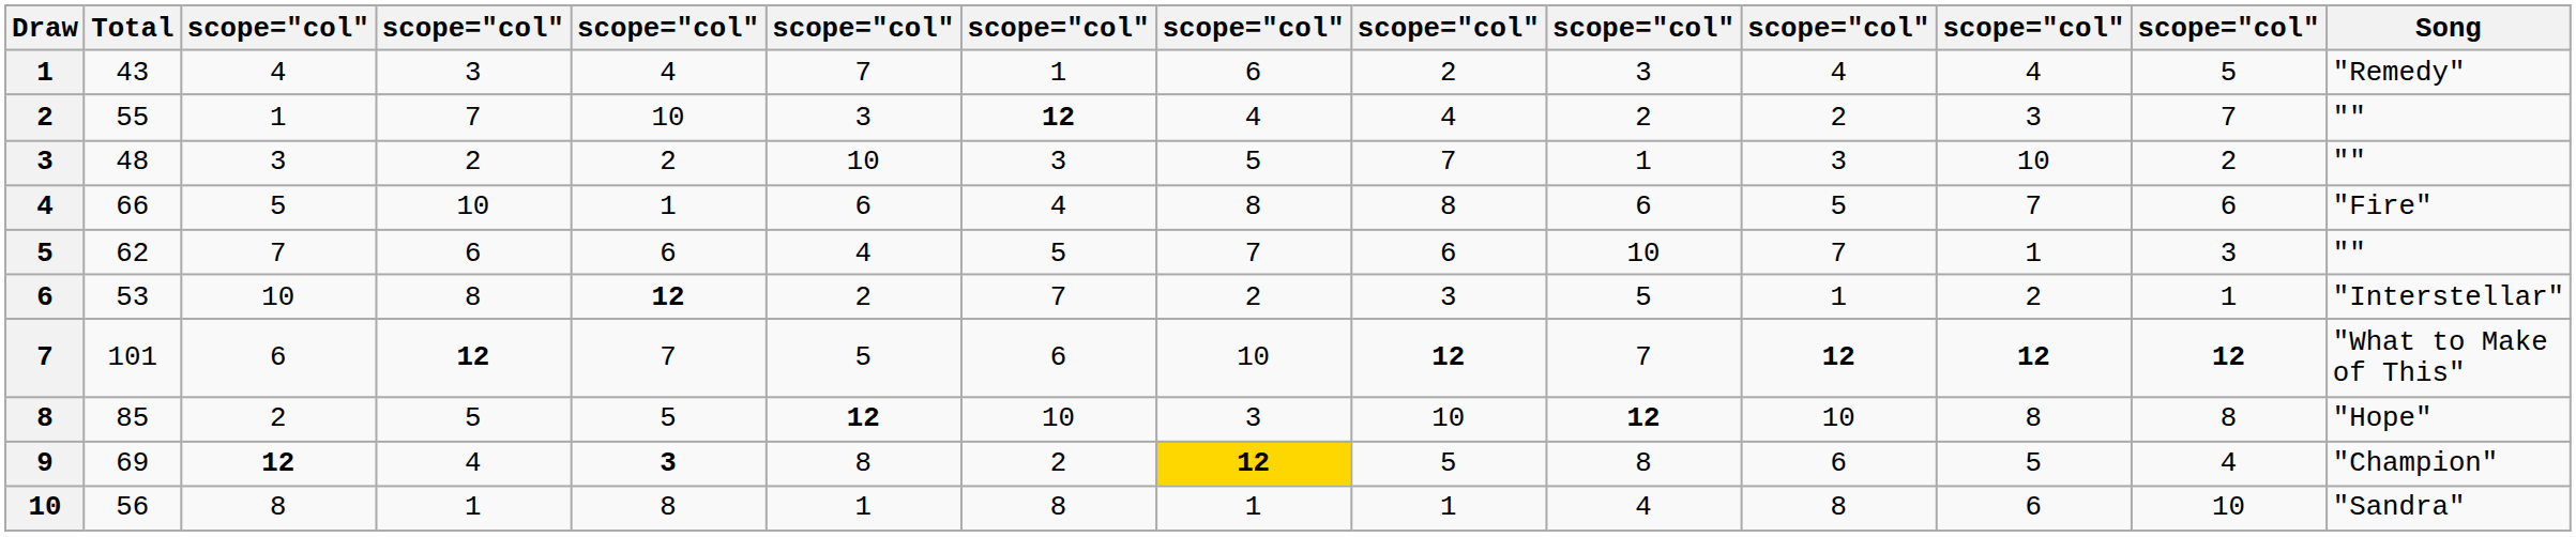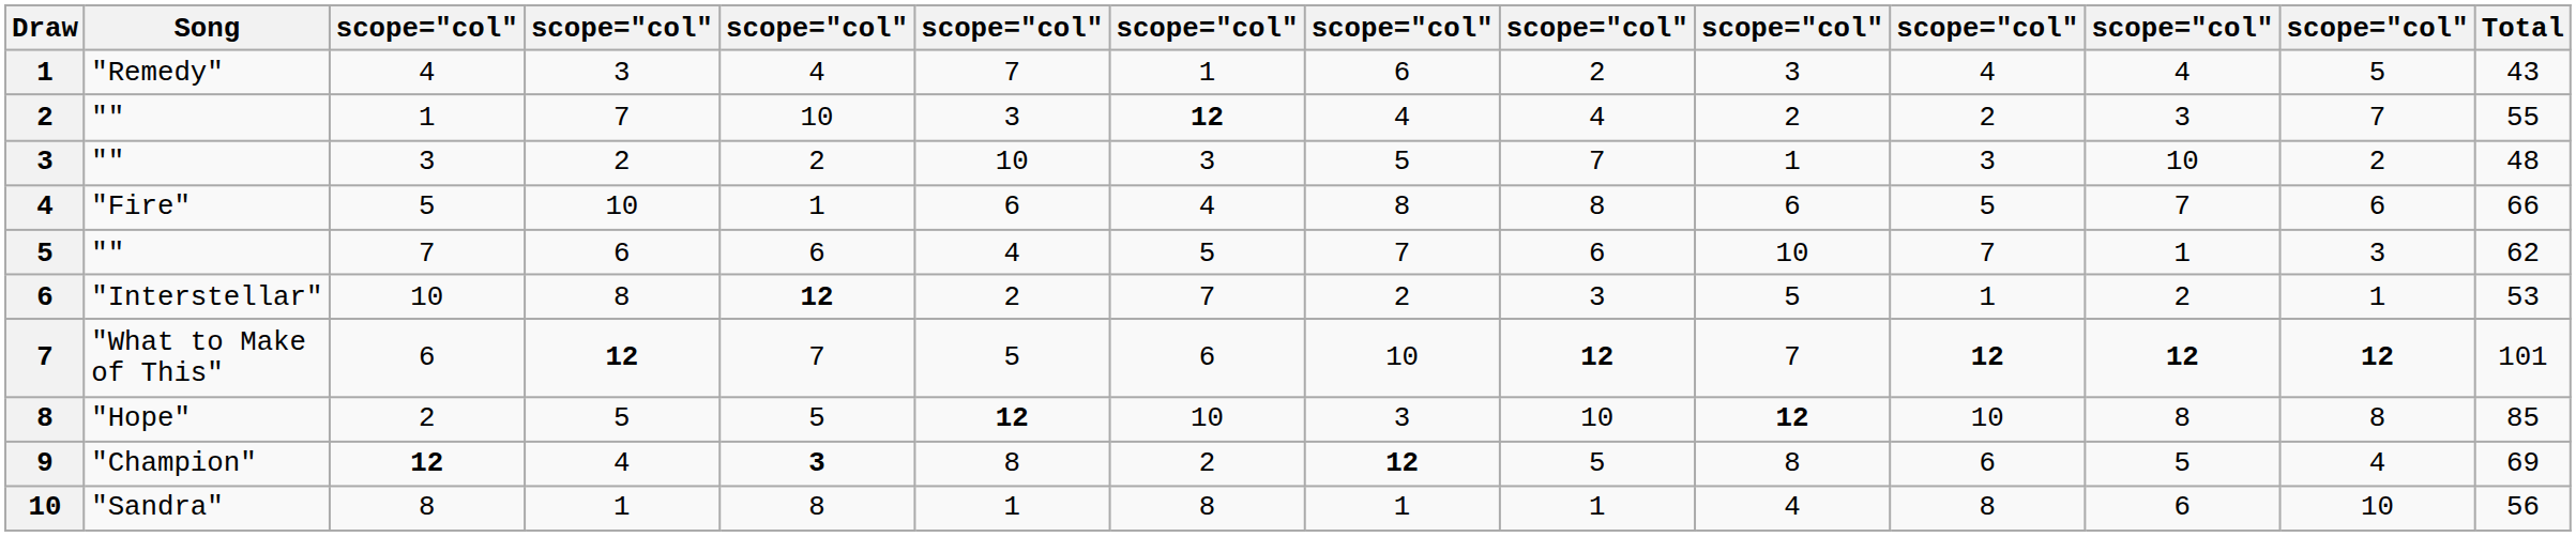 <table class="wikitable plainrowheaders collapsible" style="margin: 1em auto 1em auto; text-align:center;">
 <tr>
 <th>Draw</th>
-<th>Total</th>
+<th>Song</th>
 <th>scope="col" </th>
 <th>scope="col" </th>
 <th>scope="col" </th>
 <th>scope="col" </th>
 <th>scope="col" </th>
 <th>scope="col" </th>
 <th>scope="col" </th>
 <th>scope="col" </th>
 <th>scope="col" </th>
 <th>scope="col" </th>
 <th>scope="col" </th>
-<th>Song</th>
+<th>Total</th>
 </tr>
 <tr>
 <th scope="row" style="text-align:center;">1</th>
-<td>43</td>
+<td align="left">"Remedy"</td>
 <td>4</td>
 <td>3</td>
 <td>4</td>
 <td>7</td>
 <td>1</td>
 <td>6</td>
 <td>2</td>
 <td>3</td>
 <td>4</td>
 <td>4</td>
 <td>5</td>
-<td align="left">"Remedy"</td>
+<td>43</td>
 </tr>
 <tr>
 <th scope="row" style="text-align:center;">2</th>
-<td>55</td>
+<td align="left">""</td>
 <td>1</td>
 <td>7</td>
 <td>10</td>
 <td>3</td>
 <td><strong>12</strong></td>
 <td>4</td>
 <td>4</td>
 <td>2</td>
 <td>2</td>
 <td>3</td>
 <td>7</td>
-<td align="left">""</td>
+<td>55</td>
 </tr>
 <tr>
 <th scope="row" style="text-align:center;">3</th>
-<td>48</td>
+<td align="left">""</td>
 <td>3</td>
 <td>2</td>
 <td>2</td>
 <td>10</td>
 <td>3</td>
 <td>5</td>
 <td>7</td>
 <td>1</td>
 <td>3</td>
 <td>10</td>
 <td>2</td>
-<td align="left">""</td>
+<td>48</td>
 </tr>
 <tr>
 <th scope="row" style="text-align:center;">4</th>
-<td>66</td>
+<td align="left">"Fire"</td>
 <td>5</td>
 <td>10</td>
 <td>1</td>
 <td>6</td>
 <td>4</td>
 <td>8</td>
 <td>8</td>
 <td>6</td>
 <td>5</td>
 <td>7</td>
 <td>6</td>
-<td align="left">"Fire"</td>
+<td>66</td>
 </tr>
 <tr>
 <th scope="row" style="text-align:center;">5</th>
-<td>62</td>
+<td align="left">""</td>
 <td>7</td>
 <td>6</td>
 <td>6</td>
 <td>4</td>
 <td>5</td>
 <td>7</td>
 <td>6</td>
 <td>10</td>
 <td>7</td>
 <td>1</td>
 <td>3</td>
-<td align="left">""</td>
+<td>62</td>
 </tr>
 <tr>
 <th scope="row" style="text-align:center;">6</th>
-<td>53</td>
+<td align="left">"Interstellar"</td>
 <td>10</td>
 <td>8</td>
 <td><strong>12</strong></td>
 <td>2</td>
 <td>7</td>
 <td>2</td>
 <td>3</td>
 <td>5</td>
 <td>1</td>
 <td>2</td>
 <td>1</td>
-<td align="left">"Interstellar"</td>
+<td>53</td>
 </tr>
 <tr>
 <th scope="row" style="text-align:center;">7</th>
-<td>101</td>
+<td align="left">"What to Make of This"</td>
 <td>6</td>
 <td><strong>12</strong></td>
 <td>7</td>
 <td>5</td>
 <td>6</td>
 <td>10</td>
 <td><strong>12</strong></td>
 <td>7</td>
 <td><strong>12</strong></td>
 <td><strong>12</strong></td>
 <td><strong>12</strong></td>
-<td align="left">"What to Make of This"</td>
+<td>101</td>
 </tr>
 <tr>
 <th scope="row" style="text-align:center;">8</th>
-<td>85</td>
+<td align="left">"Hope"</td>
 <td>2</td>
 <td>5</td>
 <td>5</td>
 <td><strong>12</strong></td>
 <td>10</td>
 <td>3</td>
 <td>10</td>
 <td><strong>12</strong></td>
 <td>10</td>
 <td>8</td>
 <td>8</td>
-<td align="left">"Hope"</td>
+<td>85</td>
 </tr>
 <tr>
 <th scope="row" style="text-align:center;">9</th>
-<td>69</td>
+<td align="left">"Champion"</td>
 <td><strong>12</strong></td>
 <td>4</td>
 <td><strong>3</strong></td>
 <td>8</td>
 <td>2</td>
-<td style="background: gold;"><strong>12</strong></td>
+<td><strong>12</strong></td>
 <td>5</td>
 <td>8</td>
 <td>6</td>
 <td>5</td>
 <td>4</td>
-<td align="left">"Champion"</td>
+<td>69</td>
 </tr>
 <tr>
 <th scope="row" style="text-align:center;">10</th>
-<td>56</td>
+<td align="left">"Sandra"</td>
 <td>8</td>
 <td>1</td>
 <td>8</td>
 <td>1</td>
 <td>8</td>
 <td>1</td>
 <td>1</td>
 <td>4</td>
 <td>8</td>
 <td>6</td>
 <td>10</td>
-<td align="left">"Sandra"</td>
+<td>56</td>
 </tr>
 </table>
